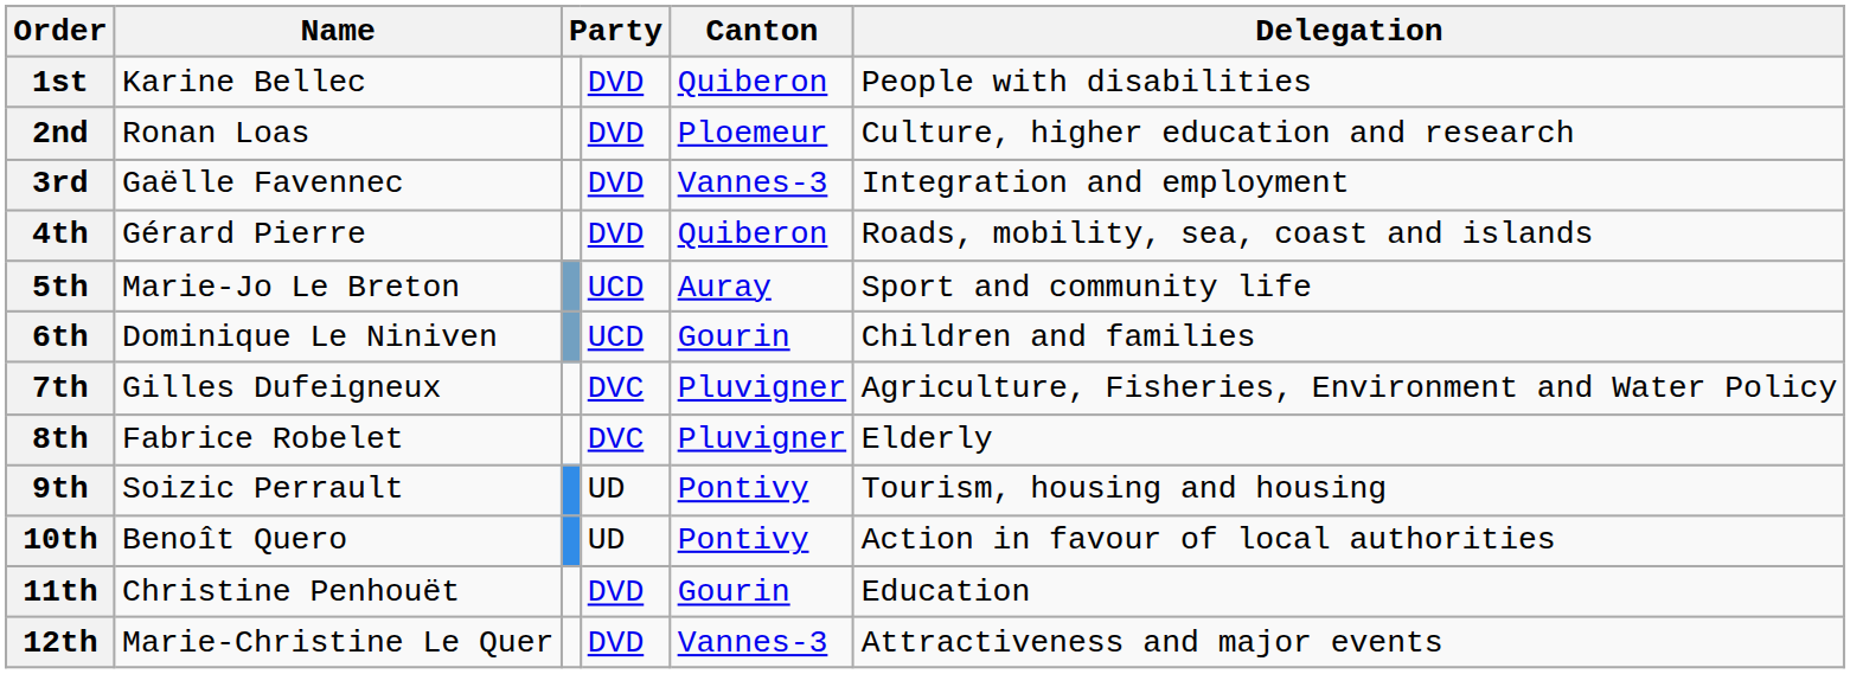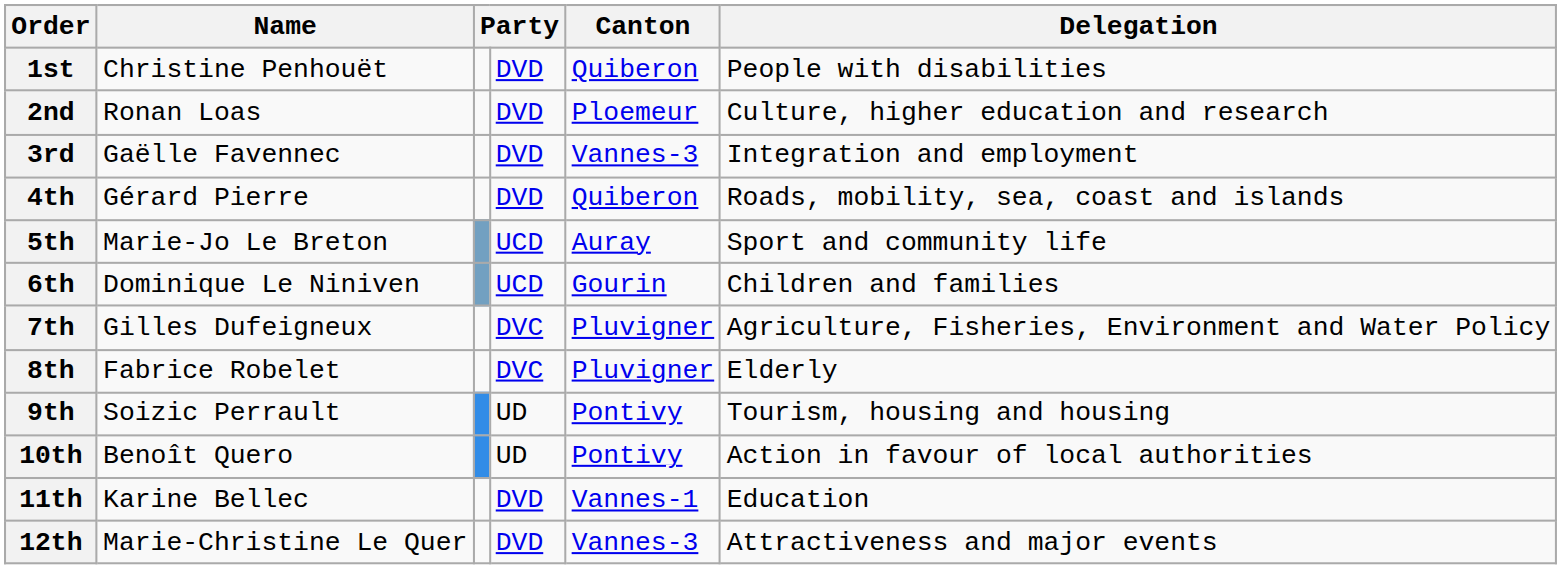 <table class="wikitable sortable">
 <tr>
 <th>Order</th>
 <th>Name</th>
 <th colspan="2">Party</th>
 <th>Canton</th>
 <th>Delegation</th>
 </tr>
 <tr>
 <th>1st</th>
-<td>Karine Bellec</td>
+<td>Christine Penhouët</td>
 <td style="color:inherit;background:"></td>
 <td><a href='#'>DVD</a></td>
 <td><a href='#'>Quiberon</a></td>
 <td>People with disabilities</td>
 </tr>
 <tr>
 <th>2nd</th>
 <td>Ronan Loas</td>
 <td style="color:inherit;background:"></td>
 <td><a href='#'>DVD</a></td>
 <td><a href='#'>Ploemeur</a></td>
 <td>Culture, higher education and research</td>
 </tr>
 <tr>
 <th>3rd</th>
 <td>Gaëlle Favennec</td>
 <td style="color:inherit;background:"></td>
 <td><a href='#'>DVD</a></td>
 <td><a href='#'>Vannes-3</a></td>
 <td>Integration and employment</td>
 </tr>
 <tr>
 <th>4th</th>
 <td>Gérard Pierre</td>
 <td style="color:inherit;background:"></td>
 <td><a href='#'>DVD</a></td>
 <td><a href='#'>Quiberon</a></td>
 <td>Roads, mobility, sea, coast and islands</td>
 </tr>
 <tr>
 <th>5th</th>
 <td>Marie-Jo Le Breton</td>
 <td style="color:inherit;background:#72A0C1"></td>
 <td><a href='#'>UCD</a></td>
 <td><a href='#'>Auray</a></td>
 <td>Sport and community life</td>
 </tr>
 <tr>
 <th>6th</th>
 <td>Dominique Le Niniven</td>
 <td style="color:inherit;background:#72A0C1"></td>
 <td><a href='#'>UCD</a></td>
 <td><a href='#'>Gourin</a></td>
 <td>Children and families</td>
 </tr>
 <tr>
 <th>7th</th>
 <td>Gilles Dufeigneux</td>
 <td style="color:inherit;background:"></td>
 <td><a href='#'>DVC</a></td>
 <td><a href='#'>Pluvigner</a></td>
 <td>Agriculture, Fisheries, Environment and Water Policy</td>
 </tr>
 <tr>
 <th>8th</th>
 <td>Fabrice Robelet</td>
 <td style="color:inherit;background:"></td>
 <td><a href='#'>DVC</a></td>
 <td><a href='#'>Pluvigner</a></td>
 <td>Elderly</td>
 </tr>
 <tr>
 <th>9th</th>
 <td>Soizic Perrault</td>
 <td style="color:inherit;background:#318CE7"></td>
 <td>UD</td>
 <td><a href='#'>Pontivy</a></td>
 <td>Tourism, housing and housing</td>
 </tr>
 <tr>
 <th>10th</th>
 <td>Benoît Quero</td>
 <td style="color:inherit;background:#318CE7"></td>
 <td>UD</td>
 <td><a href='#'>Pontivy</a></td>
 <td>Action in favour of local authorities</td>
 </tr>
 <tr>
 <th>11th</th>
-<td>Christine Penhouët</td>
+<td>Karine Bellec</td>
 <td style="color:inherit;background:"></td>
 <td><a href='#'>DVD</a></td>
-<td><a href='#'>Gourin</a></td>
+<td><a href='#'>Vannes-1</a></td>
 <td>Education</td>
 </tr>
 <tr>
 <th>12th</th>
 <td>Marie-Christine Le Quer</td>
 <td style="color:inherit;background:"></td>
 <td><a href='#'>DVD</a></td>
 <td><a href='#'>Vannes-3</a></td>
 <td>Attractiveness and major events</td>
 </tr>
 </table>
